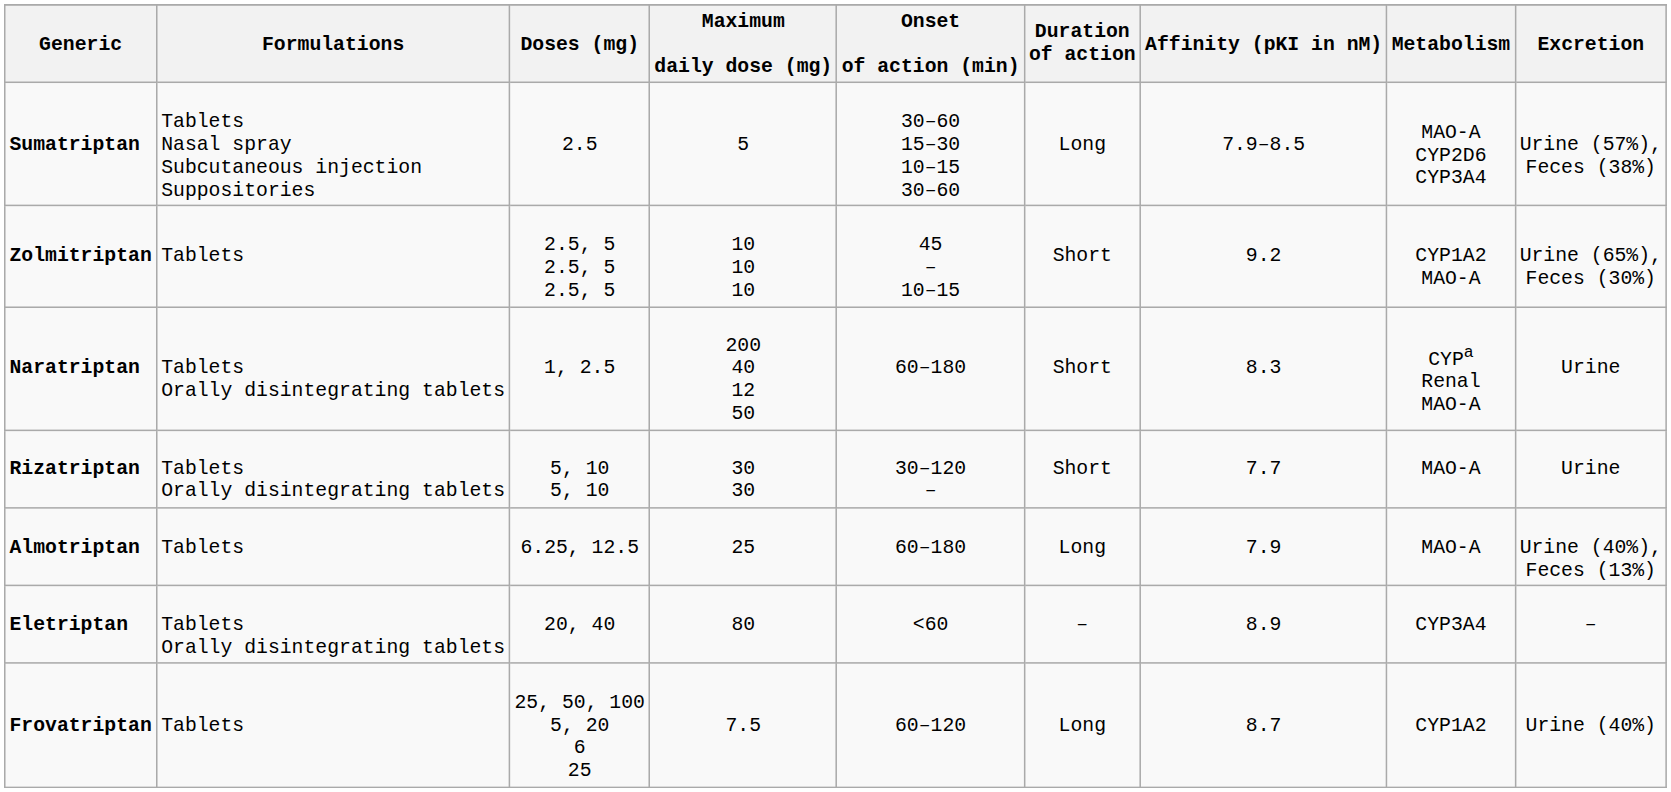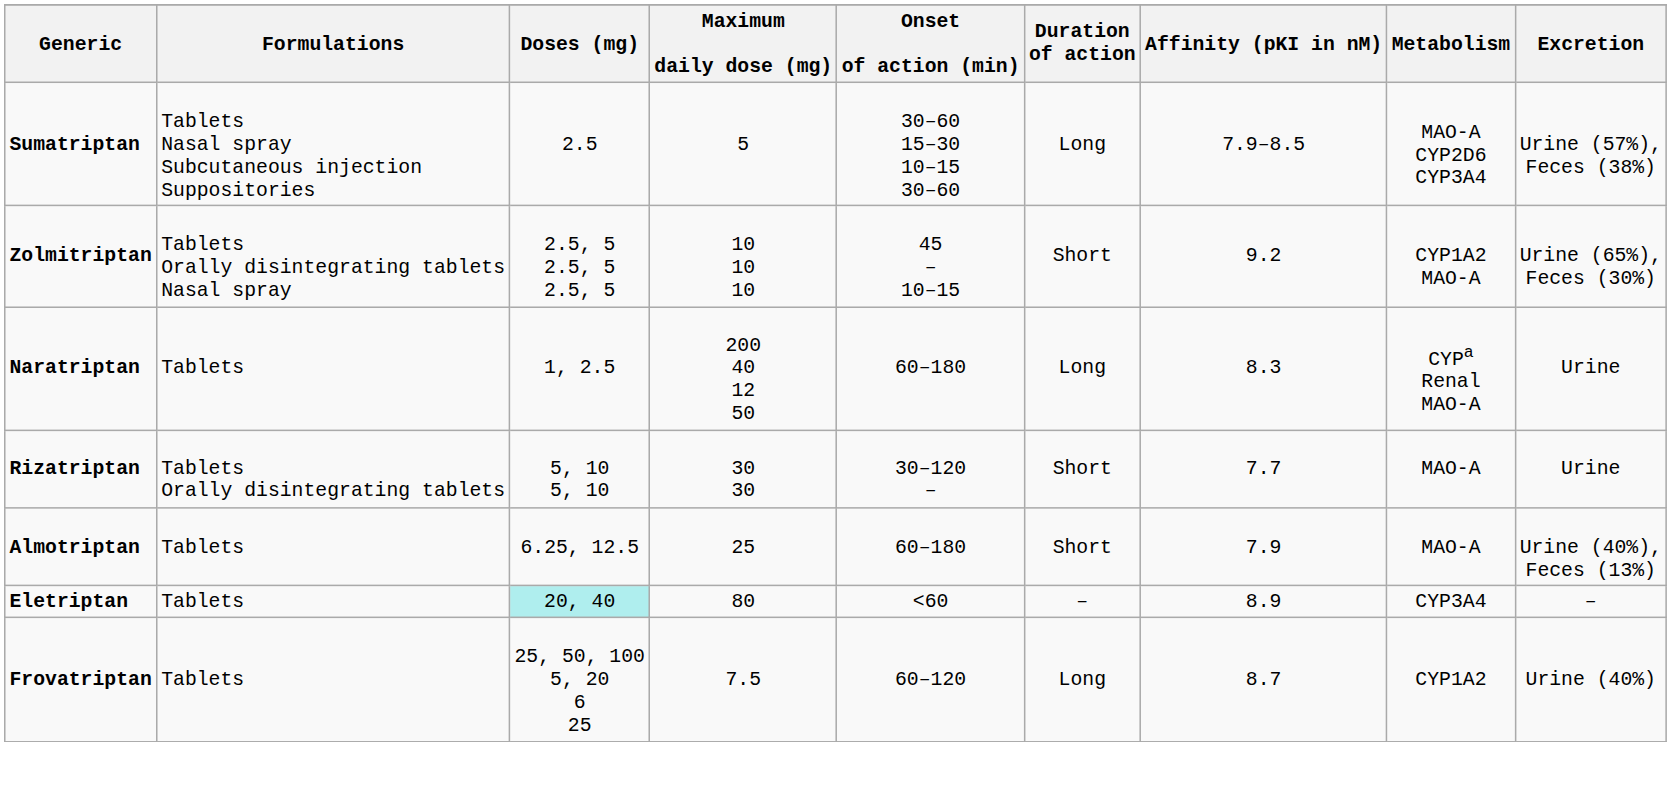 <table class="wikitable" border="1">
 <tr>
 </tr>
 <tr>
 <th>Generic</th>
 <th>Formulations</th>
 <th>Doses (mg)</th>
 <th>Maximum<br><br>daily dose (mg)</th>
 <th>Onset <br><br>of action (min)<br></th>
 <th>Duration<br>of action</th>
 <th>Affinity (pKI in nM)</th>
 <th>Metabolism</th>
 <th>Excretion</th>
 </tr>
 <tr>
 <td><strong>Sumatriptan</strong></td>
 <td><br>Tablets<br> Nasal spray<br> Subcutaneous injection<br> Suppositories</td>
 <td align="center">2.5</td>
 <td align="center">5<br></td>
 <td align="center"><br>30–60<br> 15–30<br> 10–15<br> 30–60</td>
 <td align="center">Long</td>
 <td align="center">7.9–8.5</td>
 <td align="center"><br>MAO-A<br> CYP2D6<br> CYP3A4</td>
 <td align="center"><br>Urine (57%),<br> Feces (38%)</td>
 </tr>
 <tr>
 <td><strong>Zolmitriptan</strong></td>
-<td>Tablets</td>
+<td><br>Tablets<br> Orally disintegrating tablets<br> Nasal spray</td>
 <td align="center"><br>2.5, 5<br> 2.5, 5<br> 2.5, 5<br></td>
 <td align="center"><br>10<br> 10<br> 10<br></td>
 <td align="center"><br>45<br> –<br>  10–15<br></td>
 <td align="center">Short</td>
 <td align="center">9.2</td>
 <td align="center"><br>CYP1A2<br> MAO-A</td>
 <td align="center"><br>Urine (65%),<br> Feces (30%)</td>
 </tr>
 <tr>
 <td><strong>Naratriptan</strong></td>
-<td><br>Tablets<br> Orally disintegrating tablets</td>
+<td>Tablets</td>
 <td align="center">1, 2.5<br></td>
 <td align="center"><br>200<br> 40<br> 12<br> 50<br></td>
 <td align="center">60–180</td>
-<td align="center">Short</td>
+<td align="center">Long</td>
 <td align="center">8.3</td>
 <td align="center"><br>CYP<sup>a</sup><br> Renal<br> MAO-A</td>
 <td align="center">Urine</td>
 </tr>
 <tr>
 <td><strong>Rizatriptan</strong></td>
 <td><br>Tablets<br> Orally disintegrating tablets</td>
 <td align="center"><br>5, 10<br> 5, 10<br></td>
 <td align="center"><br>30<br> 30<br></td>
 <td align="center"><br>30–120<br> –<br></td>
 <td align="center">Short</td>
 <td align="center">7.7</td>
 <td align="center">MAO-A</td>
 <td align="center">Urine</td>
 </tr>
 <tr>
 <td><strong>Almotriptan</strong></td>
 <td>Tablets</td>
 <td align="center">6.25, 12.5</td>
 <td align="center">25</td>
 <td align="center">60–180</td>
-<td align="center">Long</td>
+<td align="center">Short</td>
 <td align="center">7.9</td>
 <td align="center">MAO-A</td>
 <td align="center"><br>Urine (40%),<br> Feces (13%)</td>
 </tr>
 <tr>
 <td><strong>Eletriptan</strong></td>
-<td><br>Tablets<br> Orally disintegrating tablets</td>
-<td align="center">20, 40</td>
+<td>Tablets</td>
+<td align="center" style="background: paleturquoise;">20, 40</td>
 <td align="center">80</td>
 <td align="center"><60</td>
 <td align="center">–</td>
 <td align="center">8.9</td>
 <td align="center">CYP3A4</td>
 <td align="center">–</td>
 </tr>
 <tr>
 <td><strong>Frovatriptan</strong></td>
 <td>Tablets</td>
 <td align="center"><br>25, 50, 100<br> 5, 20<br> 6<br> 25<br></td>
 <td align="center">7.5</td>
 <td align="center">60–120</td>
 <td align="center">Long</td>
 <td align="center">8.7</td>
 <td align="center">CYP1A2</td>
 <td align="center">Urine (40%)</td>
 </tr>
 <tr>
 </tr>
 </table>
